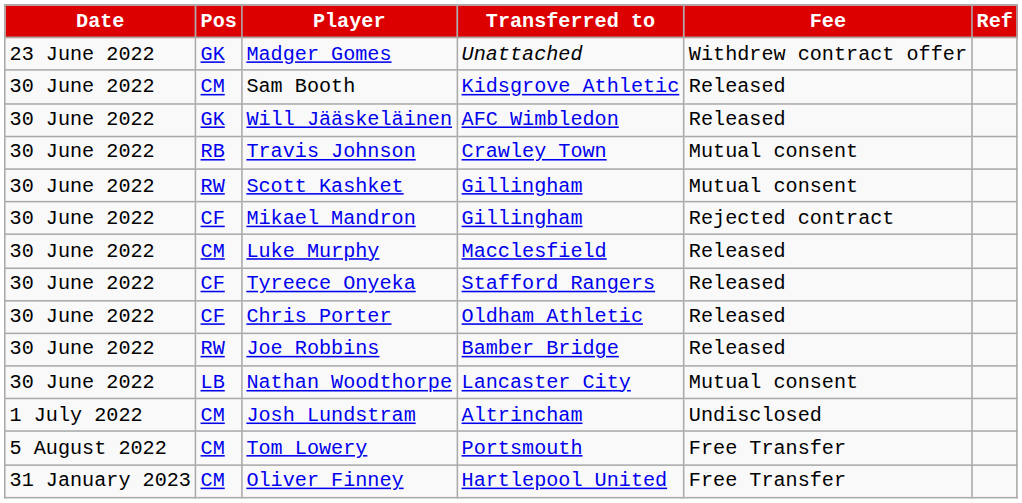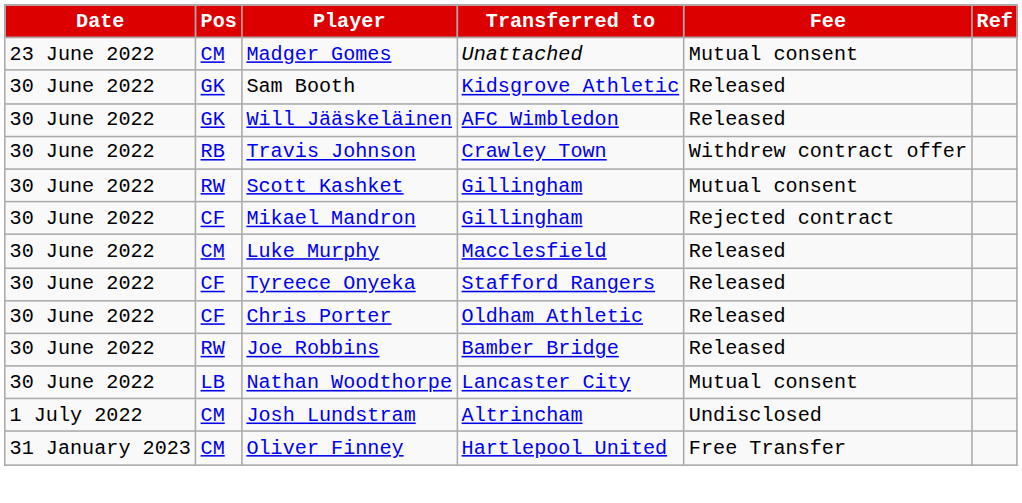 <table class="wikitable plainrowheaders sortable">
 <tr>
 <th style="background:#DD0000; color:#ffffff; ">Date</th>
 <th style="background:#DD0000; color:#ffffff; ">Pos</th>
 <th style="background:#DD0000; color:#ffffff; ">Player</th>
 <th style="background:#DD0000; color:#ffffff; ">Transferred to</th>
 <th style="background:#DD0000; color:#ffffff; ">Fee</th>
 <th style="background:#DD0000; color:#ffffff; ">Ref</th>
 </tr>
 <tr>
 <td>23 June 2022</td>
-<td><a href='#'>GK</a></td>
+<td><a href='#'>CM</a></td>
 <td> <a href='#'>Madger Gomes</a></td>
 <td> <em>Unattached</em></td>
-<td>Withdrew contract offer</td>
+<td>Mutual consent</td>
 <td></td>
 </tr>
 <tr>
 <td>30 June 2022</td>
-<td><a href='#'>CM</a></td>
+<td><a href='#'>GK</a></td>
 <td> Sam Booth</td>
 <td> <a href='#'>Kidsgrove Athletic</a></td>
 <td>Released</td>
 <td></td>
 </tr>
 <tr>
 <td>30 June 2022</td>
 <td><a href='#'>GK</a></td>
 <td> <a href='#'>Will Jääskeläinen</a></td>
 <td> <a href='#'>AFC Wimbledon</a></td>
 <td>Released</td>
 <td></td>
 </tr>
 <tr>
 <td>30 June 2022</td>
 <td><a href='#'>RB</a></td>
 <td> <a href='#'>Travis Johnson</a></td>
 <td> <a href='#'>Crawley Town</a></td>
-<td>Mutual consent</td>
+<td>Withdrew contract offer</td>
 <td></td>
 </tr>
 <tr>
 <td>30 June 2022</td>
 <td><a href='#'>RW</a></td>
 <td> <a href='#'>Scott Kashket</a></td>
 <td> <a href='#'>Gillingham</a></td>
 <td>Mutual consent</td>
 <td></td>
 </tr>
 <tr>
 <td>30 June 2022</td>
 <td><a href='#'>CF</a></td>
 <td> <a href='#'>Mikael Mandron</a></td>
 <td> <a href='#'>Gillingham</a></td>
 <td>Rejected contract</td>
 <td></td>
 </tr>
 <tr>
 <td>30 June 2022</td>
 <td><a href='#'>CM</a></td>
 <td> <a href='#'>Luke Murphy</a></td>
 <td> <a href='#'>Macclesfield</a></td>
 <td>Released</td>
 <td></td>
 </tr>
 <tr>
 <td>30 June 2022</td>
 <td><a href='#'>CF</a></td>
 <td> <a href='#'>Tyreece Onyeka</a></td>
 <td> <a href='#'>Stafford Rangers</a></td>
 <td>Released</td>
 <td></td>
 </tr>
 <tr>
 <td>30 June 2022</td>
 <td><a href='#'>CF</a></td>
 <td> <a href='#'>Chris Porter</a></td>
 <td> <a href='#'>Oldham Athletic</a></td>
 <td>Released</td>
 <td></td>
 </tr>
 <tr>
 <td>30 June 2022</td>
 <td><a href='#'>RW</a></td>
 <td> <a href='#'>Joe Robbins</a></td>
 <td> <a href='#'>Bamber Bridge</a></td>
 <td>Released</td>
 <td></td>
 </tr>
 <tr>
 <td>30 June 2022</td>
 <td><a href='#'>LB</a></td>
 <td> <a href='#'>Nathan Woodthorpe</a></td>
 <td> <a href='#'>Lancaster City</a></td>
 <td>Mutual consent</td>
 <td></td>
 </tr>
 <tr>
 <td>1 July 2022</td>
 <td><a href='#'>CM</a></td>
 <td> <a href='#'>Josh Lundstram</a></td>
 <td> <a href='#'>Altrincham</a></td>
 <td>Undisclosed</td>
 <td></td>
 </tr>
 <tr>
-<td>5 August 2022</td>
-<td><a href='#'>CM</a></td>
-<td> <a href='#'>Tom Lowery</a></td>
-<td> <a href='#'>Portsmouth</a></td>
-<td>Free Transfer</td>
-<td></td>
-</tr>
-<tr>
 <td>31 January 2023</td>
 <td><a href='#'>CM</a></td>
 <td> <a href='#'>Oliver Finney</a></td>
 <td> <a href='#'>Hartlepool United</a></td>
 <td>Free Transfer</td>
 <td></td>
 </tr>
 </table>
